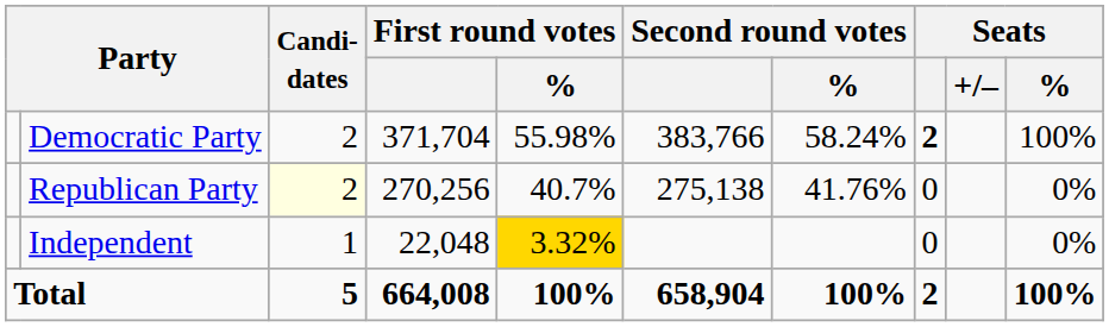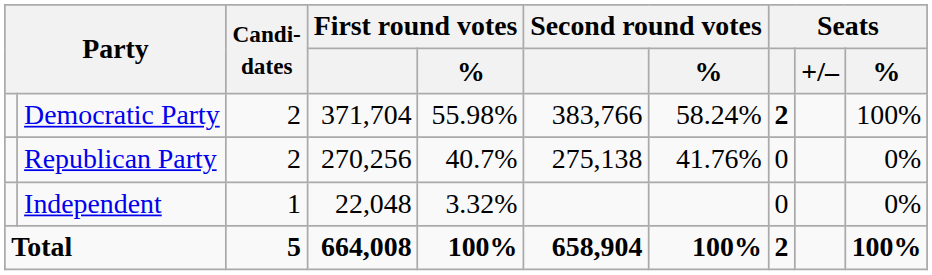 <table class="wikitable" style="font-size:100%; text-align:right;">
 <tr>
 <th colspan=2 rowspan=2>Party</th>
 <th rowspan=2><small>Candi-<br>dates</small></th>
 <th colspan=2>First round votes</th>
 <th colspan="2">Second round votes</th>
 <th colspan=3>Seats</th>
 </tr>
 <tr>
 <th></th>
 <th>%</th>
 <th></th>
 <th>%</th>
 <th></th>
 <th>+/–</th>
 <th>%</th>
 </tr>
 <tr>
 <td style="background:"></td>
 <td align=left><a href='#'>Democratic Party</a></td>
 <td>2</td>
 <td>371,704</td>
 <td>55.98%</td>
 <td>383,766</td>
 <td>58.24%</td>
 <td><strong>2</strong></td>
 <td></td>
 <td>100%</td>
 </tr>
 <tr>
 <td style="background:"></td>
 <td align=left><a href='#'>Republican Party</a></td>
-<td style="background: lightyellow;">2</td>
+<td>2</td>
 <td>270,256</td>
 <td>40.7%</td>
 <td>275,138</td>
 <td>41.76%</td>
 <td>0</td>
 <td></td>
 <td>0%</td>
 </tr>
 <tr>
 <td style="background:"></td>
 <td align=left><a href='#'>Independent</a></td>
 <td>1</td>
 <td>22,048</td>
-<td style="background: gold;">3.32%</td>
+<td>3.32%</td>
 <td></td>
 <td></td>
 <td>0</td>
 <td></td>
 <td>0%</td>
 </tr>
 <tr style="font-weight:bold">
 <td colspan=2 align=left>Total</td>
 <td>5</td>
 <td>664,008</td>
 <td>100%</td>
 <td>658,904</td>
 <td>100%</td>
 <td>2</td>
 <td></td>
 <td>100%</td>
 </tr>
 </table>
